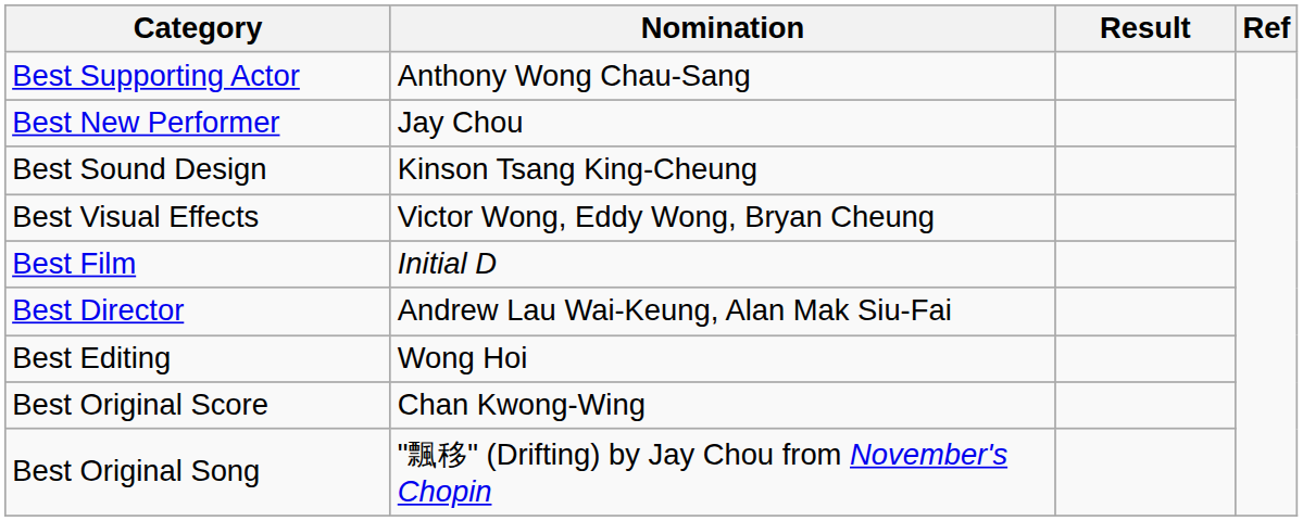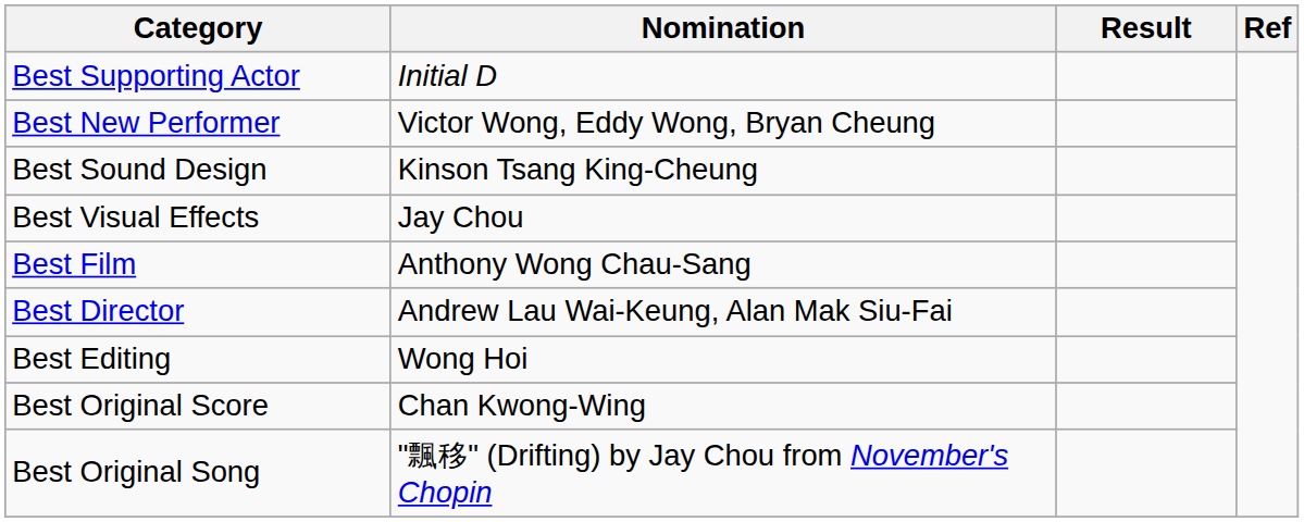 <table class="wikitable">
 <tr>
 <th style="width:200px;">Category</th>
 <th style="width:350px;">Nomination</th>
 <th style="width:90px;">Result</th>
 <th>Ref</th>
 </tr>
 <tr>
 <td><a href='#'>Best Supporting Actor</a></td>
-<td>Anthony Wong Chau-Sang</td>
+<td><em>Initial D</em></td>
 <td></td>
 <td rowspan="9" style="text-align:center;"></td>
 </tr>
 <tr>
 <td><a href='#'>Best New Performer</a></td>
-<td>Jay Chou</td>
+<td>Victor Wong, Eddy Wong, Bryan Cheung</td>
 <td></td>
 </tr>
 <tr>
 <td>Best Sound Design</td>
 <td>Kinson Tsang King-Cheung</td>
 <td></td>
 </tr>
 <tr>
 <td>Best Visual Effects</td>
-<td>Victor Wong, Eddy Wong, Bryan Cheung</td>
+<td>Jay Chou</td>
 <td></td>
 </tr>
 <tr>
 <td><a href='#'>Best Film</a></td>
-<td><em>Initial D</em></td>
+<td>Anthony Wong Chau-Sang</td>
 <td></td>
 </tr>
 <tr>
 <td><a href='#'>Best Director</a></td>
 <td>Andrew Lau Wai-Keung, Alan Mak Siu-Fai</td>
 <td></td>
 </tr>
 <tr>
 <td>Best Editing</td>
 <td>Wong Hoi</td>
 <td></td>
 </tr>
 <tr>
 <td>Best Original Score</td>
 <td>Chan Kwong-Wing</td>
 <td></td>
 </tr>
 <tr>
 <td>Best Original Song</td>
 <td>"飄移" (Drifting) by Jay Chou from <em><a href='#'>November's Chopin</a></em></td>
 <td></td>
 </tr>
 </table>
